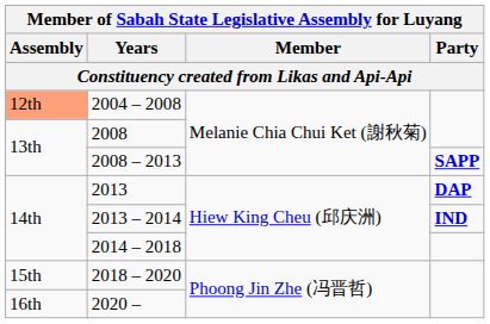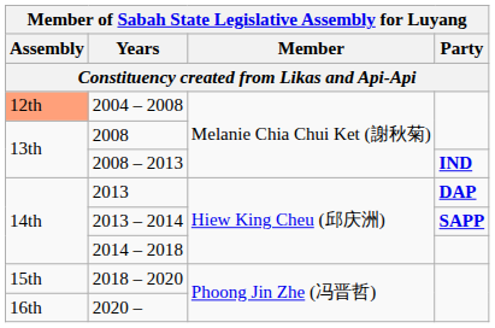 <table class="wikitable">
 <tr>
 <th colspan="4">Member of <a href='#'>Sabah State Legislative Assembly</a> for Luyang</th>
 </tr>
 <tr>
 <th>Assembly</th>
 <th>Years</th>
 <th>Member</th>
 <th>Party</th>
 </tr>
 <tr>
 <th colspan="4" align="center"><em>Constituency created from Likas and Api-Api</em></th>
 </tr>
 <tr>
 <td style="background: lightsalmon;">12th</td>
 <td>2004 – 2008</td>
 <td rowspan="3">Melanie Chia Chui Ket (謝秋菊)</td>
 <td rowspan="2"></td>
 </tr>
 <tr>
 <td rowspan="2">13th</td>
 <td>2008</td>
 </tr>
 <tr>
 <td>2008 – 2013</td>
-<td><strong><a href='#'>SAPP</a></strong></td>
+<td><strong><a href='#'>IND</a></strong></td>
 </tr>
 <tr>
 <td rowspan="3">14th</td>
 <td>2013</td>
 <td rowspan="3"><a href='#'>Hiew King Cheu</a> (邱庆洲)</td>
 <td><strong><a href='#'>DAP</a></strong></td>
 </tr>
 <tr>
 <td>2013 – 2014</td>
-<td><strong><a href='#'>IND</a></strong></td>
+<td><strong><a href='#'>SAPP</a></strong></td>
 </tr>
 <tr>
 <td>2014 – 2018</td>
 <td></td>
 </tr>
 <tr>
 <td>15th</td>
 <td>2018 – 2020</td>
 <td rowspan="2"><a href='#'>Phoong Jin Zhe</a> (冯晋哲)</td>
 <td rowspan="2"></td>
 </tr>
 <tr>
 <td>16th</td>
 <td>2020 –</td>
 </tr>
 </table>
